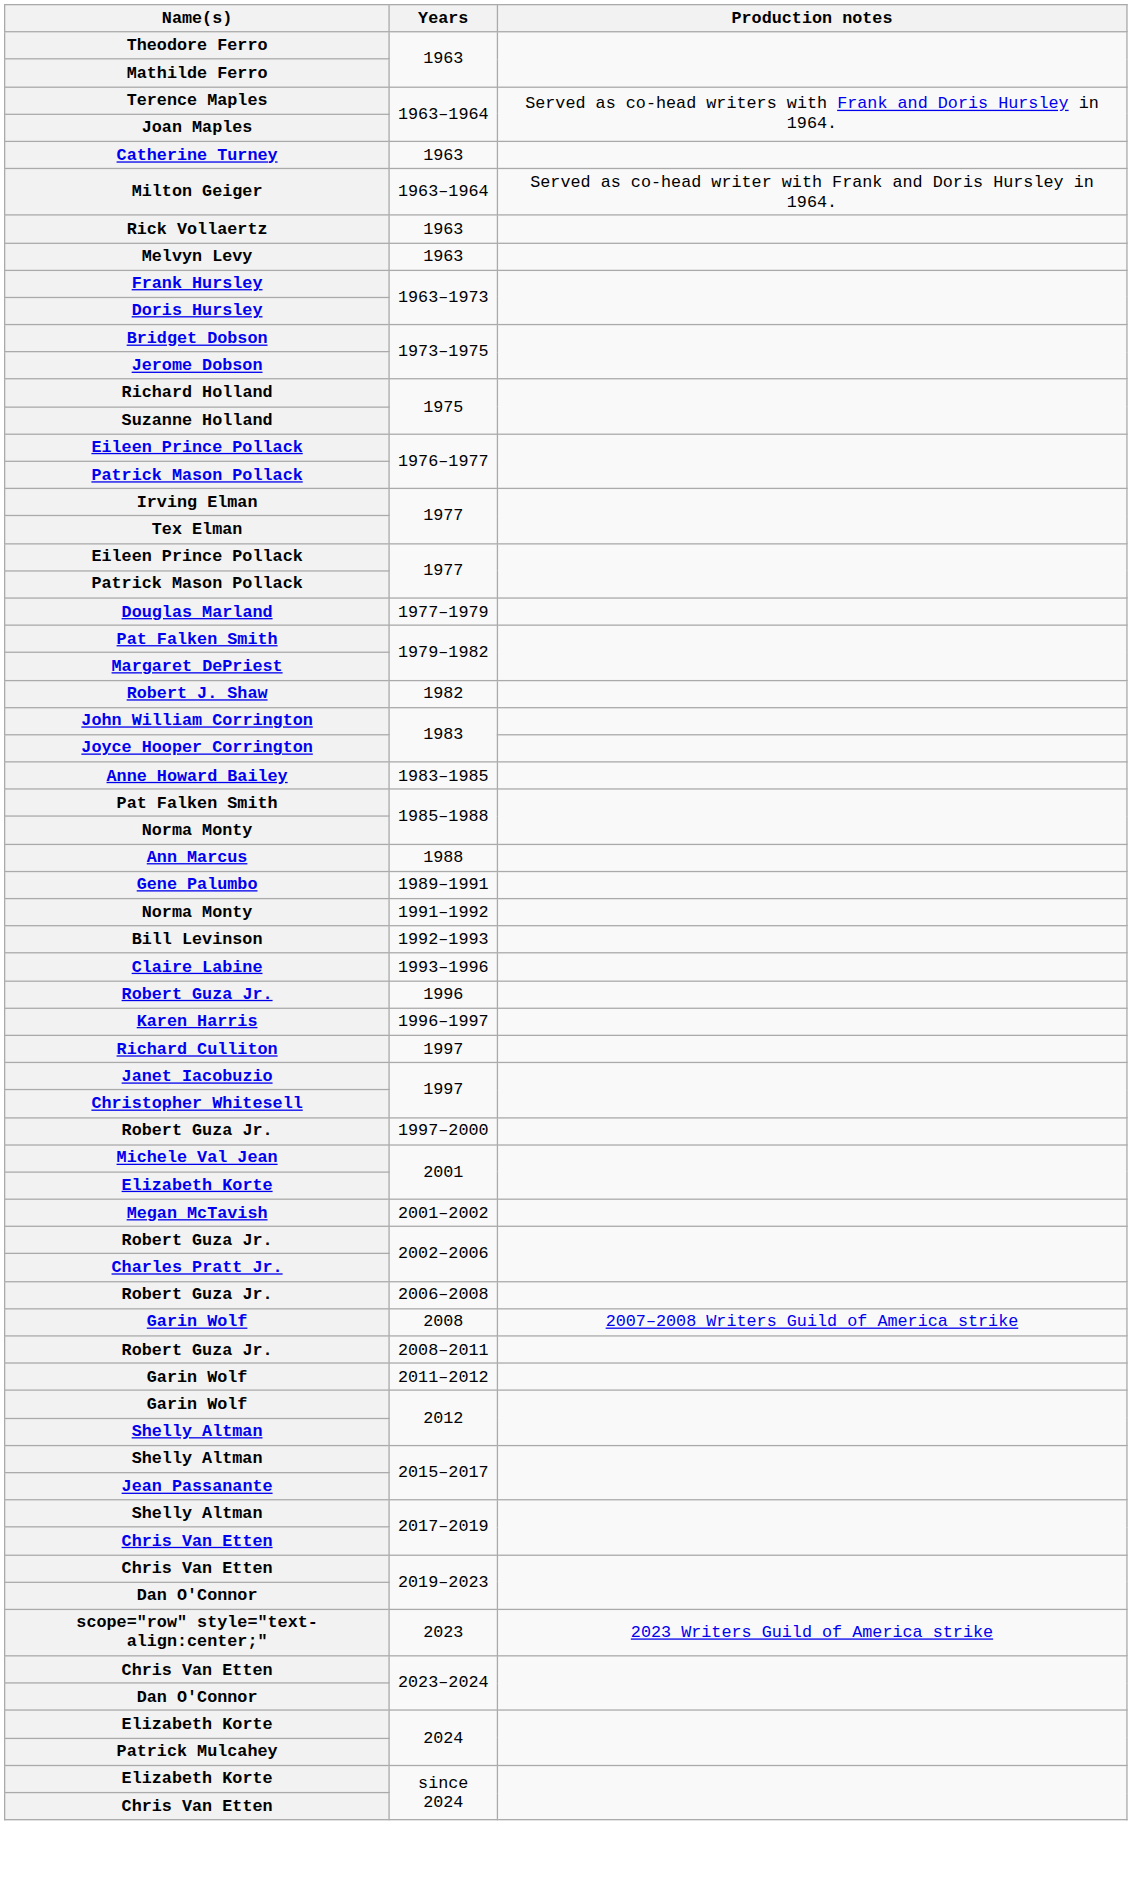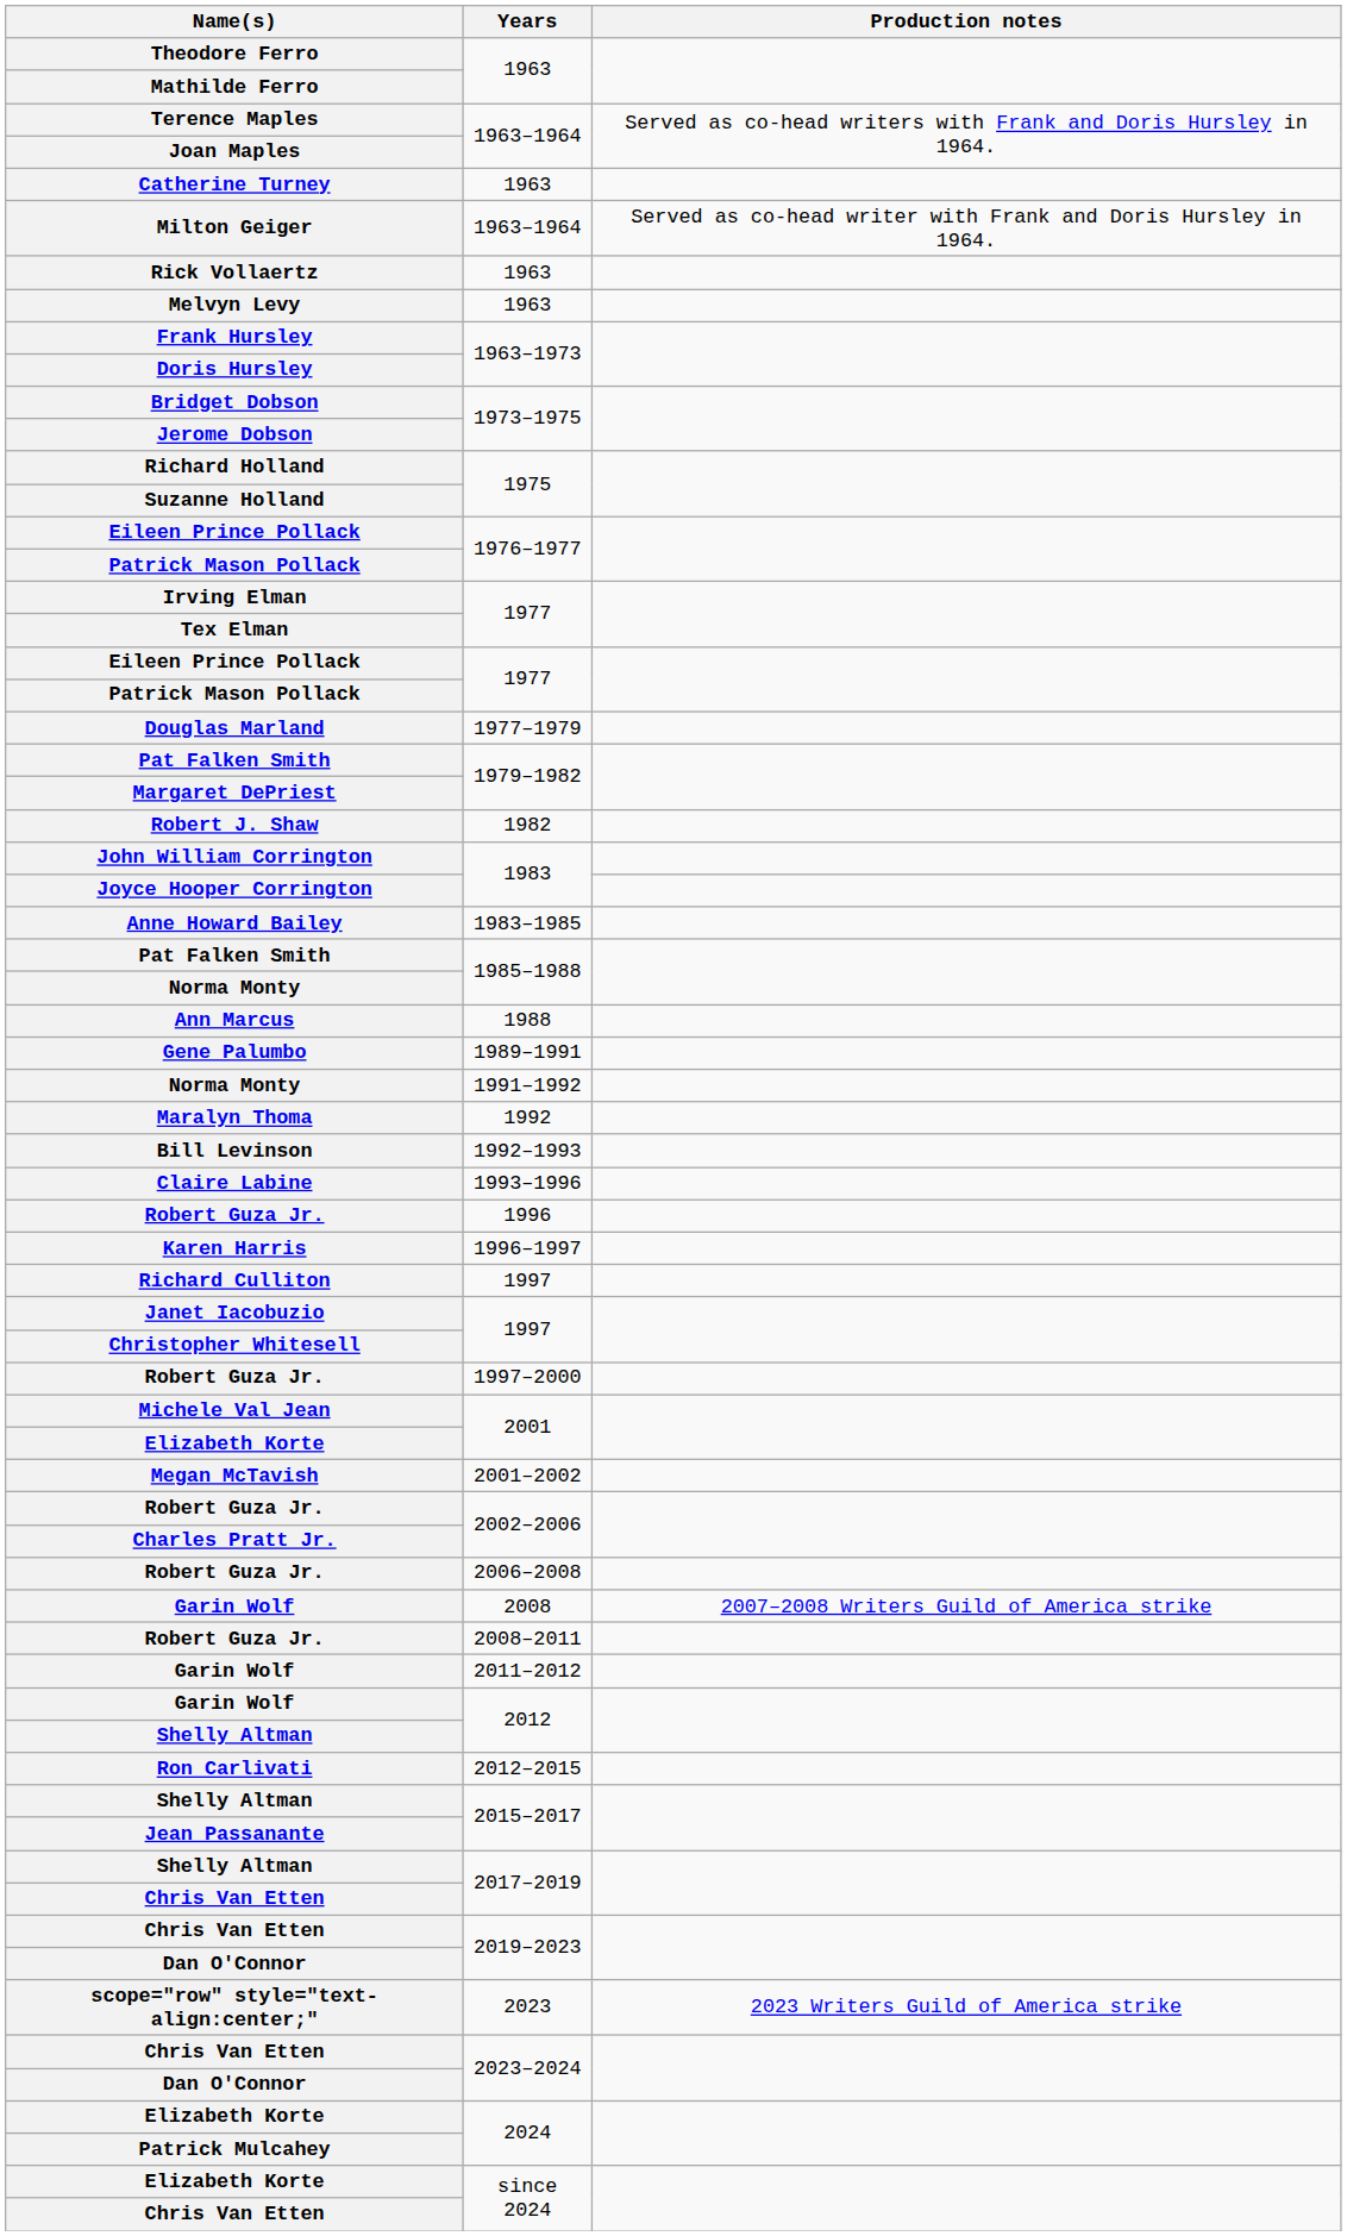 <table class="wikitable plainrowheaders" style="text-align:center;">
 <tr>
 <th scope="col">Name(s)</th>
 <th scope="col">Years</th>
 <th scope="col">Production notes</th>
 </tr>
 <tr>
 <th scope="row" style="text-align:center;">Theodore Ferro</th>
 <td rowspan="2">1963</td>
 <td rowspan="2"></td>
 </tr>
 <tr>
 <th scope="row" style="text-align:center;">Mathilde Ferro</th>
 </tr>
 <tr>
 <th scope="row" style="text-align:center;">Terence Maples</th>
 <td rowspan="2">1963–1964</td>
 <td rowspan="2">Served as co-head writers with <a href='#'>Frank and Doris Hursley</a> in 1964.</td>
 </tr>
 <tr>
 <th scope="row" style="text-align:center;">Joan Maples</th>
 </tr>
 <tr>
 <th scope="row" style="text-align:center;"><a href='#'>Catherine Turney</a></th>
 <td>1963</td>
 <td></td>
 </tr>
 <tr>
 <th scope="row" style="text-align:center;">Milton Geiger</th>
 <td>1963–1964</td>
 <td>Served as co-head writer with Frank and Doris Hursley in 1964.</td>
 </tr>
 <tr>
 <th scope="row" style="text-align:center;">Rick Vollaertz</th>
 <td>1963</td>
 <td></td>
 </tr>
 <tr>
 <th scope="row" style="text-align:center;">Melvyn Levy</th>
 <td>1963</td>
 <td></td>
 </tr>
 <tr>
 <th scope="row" style="text-align:center;"><a href='#'>Frank Hursley</a></th>
 <td rowspan="2">1963–1973</td>
 <td rowspan="2"></td>
 </tr>
 <tr>
 <th scope="row" style="text-align:center;"><a href='#'>Doris Hursley</a></th>
 </tr>
 <tr>
 <th scope="row" style="text-align:center;"><a href='#'>Bridget Dobson</a></th>
 <td rowspan="2">1973–1975</td>
 <td rowspan="2"></td>
 </tr>
 <tr>
 <th scope="row" style="text-align:center;"><a href='#'>Jerome Dobson</a></th>
 </tr>
 <tr>
 <th scope="row" style="text-align:center;">Richard Holland</th>
 <td rowspan="2">1975</td>
 <td rowspan="2"></td>
 </tr>
 <tr>
 <th scope="row" style="text-align:center;">Suzanne Holland</th>
 </tr>
 <tr>
 <th scope="row" style="text-align:center;"><a href='#'>Eileen Prince Pollack</a></th>
 <td rowspan="2">1976–1977</td>
 <td rowspan="2"></td>
 </tr>
 <tr>
 <th scope="row" style="text-align:center;"><a href='#'>Patrick Mason Pollack</a></th>
 </tr>
 <tr>
 <th scope="row" style="text-align:center;">Irving Elman</th>
 <td rowspan="2">1977</td>
 <td rowspan="2"></td>
 </tr>
 <tr>
 <th scope="row" style="text-align:center;">Tex Elman</th>
 </tr>
 <tr>
 <th scope="row" style="text-align:center;">Eileen Prince Pollack</th>
 <td rowspan="2">1977</td>
 <td rowspan="2"></td>
 </tr>
 <tr>
 <th scope="row" style="text-align:center;">Patrick Mason Pollack</th>
 </tr>
 <tr>
 <th scope="row" style="text-align:center;"><a href='#'>Douglas Marland</a></th>
 <td>1977–1979</td>
 <td></td>
 </tr>
 <tr>
 <th scope="row" style="text-align:center;"><a href='#'>Pat Falken Smith</a></th>
 <td rowspan="2">1979–1982</td>
 <td rowspan="2"></td>
 </tr>
 <tr>
 <th scope="row" style="text-align:center;"><a href='#'>Margaret DePriest</a></th>
 </tr>
 <tr>
 <th scope="row" style="text-align:center;"><a href='#'>Robert J. Shaw</a></th>
 <td>1982</td>
 <td></td>
 </tr>
 <tr>
 <th scope="row" style="text-align:center;"><a href='#'>John William Corrington</a></th>
 <td rowspan="2">1983</td>
 <td></td>
 </tr>
 <tr>
 <th scope="row" style="text-align:center;"><a href='#'>Joyce Hooper Corrington</a></th>
 </tr>
 <tr>
 <th scope="row" style="text-align:center;"><a href='#'>Anne Howard Bailey</a></th>
 <td>1983–1985</td>
 <td></td>
 </tr>
 <tr>
 <th scope="row" style="text-align:center;">Pat Falken Smith</th>
 <td rowspan="2">1985–1988</td>
 <td rowspan="2"></td>
 </tr>
 <tr>
 <th scope="row" style="text-align:center;">Norma Monty</th>
 </tr>
 <tr>
 <th scope="row" style="text-align:center;"><a href='#'>Ann Marcus</a></th>
 <td>1988</td>
 <td></td>
 </tr>
 <tr>
 <th scope="row" style="text-align:center;"><a href='#'>Gene Palumbo</a></th>
 <td>1989–1991</td>
 <td></td>
 </tr>
 <tr>
 <th scope="row" style="text-align:center;">Norma Monty</th>
 <td>1991–1992</td>
 <td></td>
 </tr>
 <tr>
+<th scope="row" style="text-align:center;"><a href='#'>Maralyn Thoma</a></th>
+<td>1992</td>
+<td></td>
+</tr>
+<tr>
 <th scope="row" style="text-align:center;">Bill Levinson</th>
 <td>1992–1993</td>
 <td></td>
 </tr>
 <tr>
 <th scope="row" style="text-align:center;"><a href='#'>Claire Labine</a></th>
 <td>1993–1996</td>
 <td></td>
 </tr>
 <tr>
 <th scope="row" style="text-align:center;"><a href='#'>Robert Guza Jr.</a></th>
 <td>1996</td>
 <td></td>
 </tr>
 <tr>
 <th scope="row" style="text-align:center;"><a href='#'>Karen Harris</a></th>
 <td>1996–1997</td>
 <td></td>
 </tr>
 <tr>
 <th scope="row" style="text-align:center;"><a href='#'>Richard Culliton</a></th>
 <td>1997</td>
 <td></td>
 </tr>
 <tr>
 <th scope="row" style="text-align:center;"><a href='#'>Janet Iacobuzio</a></th>
 <td rowspan="2">1997</td>
 <td rowspan="2"></td>
 </tr>
 <tr>
 <th scope="row" style="text-align:center;"><a href='#'>Christopher Whitesell</a></th>
 </tr>
 <tr>
 <th scope="row" style="text-align:center;">Robert Guza Jr.</th>
 <td>1997–2000</td>
 <td></td>
 </tr>
 <tr>
 <th scope="row" style="text-align:center;"><a href='#'>Michele Val Jean</a></th>
 <td rowspan="2">2001</td>
 <td rowspan="2"></td>
 </tr>
 <tr>
 <th scope="row" style="text-align:center;"><a href='#'>Elizabeth Korte</a></th>
 </tr>
 <tr>
 <th scope="row" style="text-align:center;"><a href='#'>Megan McTavish</a></th>
 <td>2001–2002</td>
 <td></td>
 </tr>
 <tr>
 <th scope="row" style="text-align:center;">Robert Guza Jr.</th>
 <td rowspan="2">2002–2006</td>
 <td rowspan="2"></td>
 </tr>
 <tr>
 <th scope="row" style="text-align:center;"><a href='#'>Charles Pratt Jr.</a></th>
 </tr>
 <tr>
 <th scope="row" style="text-align:center;">Robert Guza Jr.</th>
 <td>2006–2008</td>
 <td></td>
 </tr>
 <tr>
 <th scope="row" style="text-align:center;"><a href='#'>Garin Wolf</a></th>
 <td>2008</td>
 <td><a href='#'>2007–2008 Writers Guild of America strike</a></td>
 </tr>
 <tr>
 <th scope="row" style="text-align:center;">Robert Guza Jr.</th>
 <td>2008–2011</td>
 <td></td>
 </tr>
 <tr>
 <th scope="row" style="text-align:center;">Garin Wolf</th>
 <td>2011–2012</td>
 <td></td>
 </tr>
 <tr>
 <th scope="row" style="text-align:center;">Garin Wolf</th>
 <td rowspan="2">2012</td>
 <td rowspan="2"></td>
 </tr>
 <tr>
 <th scope="row" style="text-align:center;"><a href='#'>Shelly Altman</a></th>
 </tr>
 <tr>
+<th scope="row" style="text-align:center;"><a href='#'>Ron Carlivati</a></th>
+<td>2012–2015</td>
+<td></td>
+</tr>
+<tr>
 <th scope="row" style="text-align:center;">Shelly Altman</th>
 <td rowspan="2">2015–2017</td>
 <td rowspan="2"></td>
 </tr>
 <tr>
 <th scope="row" style="text-align:center;"><a href='#'>Jean Passanante</a></th>
 </tr>
 <tr>
 <th scope="row" style="text-align:center;">Shelly Altman</th>
 <td rowspan="2">2017–2019</td>
 <td rowspan="2"></td>
 </tr>
 <tr>
 <th scope="row" style="text-align:center;"><a href='#'>Chris Van Etten</a></th>
 </tr>
 <tr>
 <th scope="row" style="text-align:center;">Chris Van Etten</th>
 <td rowspan="2">2019–2023</td>
 <td rowspan="2"></td>
 </tr>
 <tr>
 <th scope="row" style="text-align:center;">Dan O'Connor</th>
 </tr>
 <tr>
 <th>scope="row" style="text-align:center;" </th>
 <td>2023</td>
 <td><a href='#'>2023 Writers Guild of America strike</a></td>
 </tr>
 <tr>
 <th scope="row" style="text-align:center;">Chris Van Etten</th>
 <td rowspan="2">2023–2024</td>
 <td rowspan="2"></td>
 </tr>
 <tr>
 <th scope="row" style="text-align:center;">Dan O'Connor</th>
 </tr>
 <tr>
 <th scope="row" style="text-align:center;">Elizabeth Korte</th>
 <td rowspan="2">2024</td>
 <td rowspan="2"></td>
 </tr>
 <tr>
 <th scope="row" style="text-align:center;">Patrick Mulcahey</th>
 </tr>
 <tr>
 <th scope="row" style="text-align:center;">Elizabeth Korte</th>
 <td rowspan="2">since 2024</td>
 <td rowspan="2"></td>
 </tr>
 <tr>
 <th scope="row" style="text-align:center;">Chris Van Etten</th>
 </tr>
 </table>
